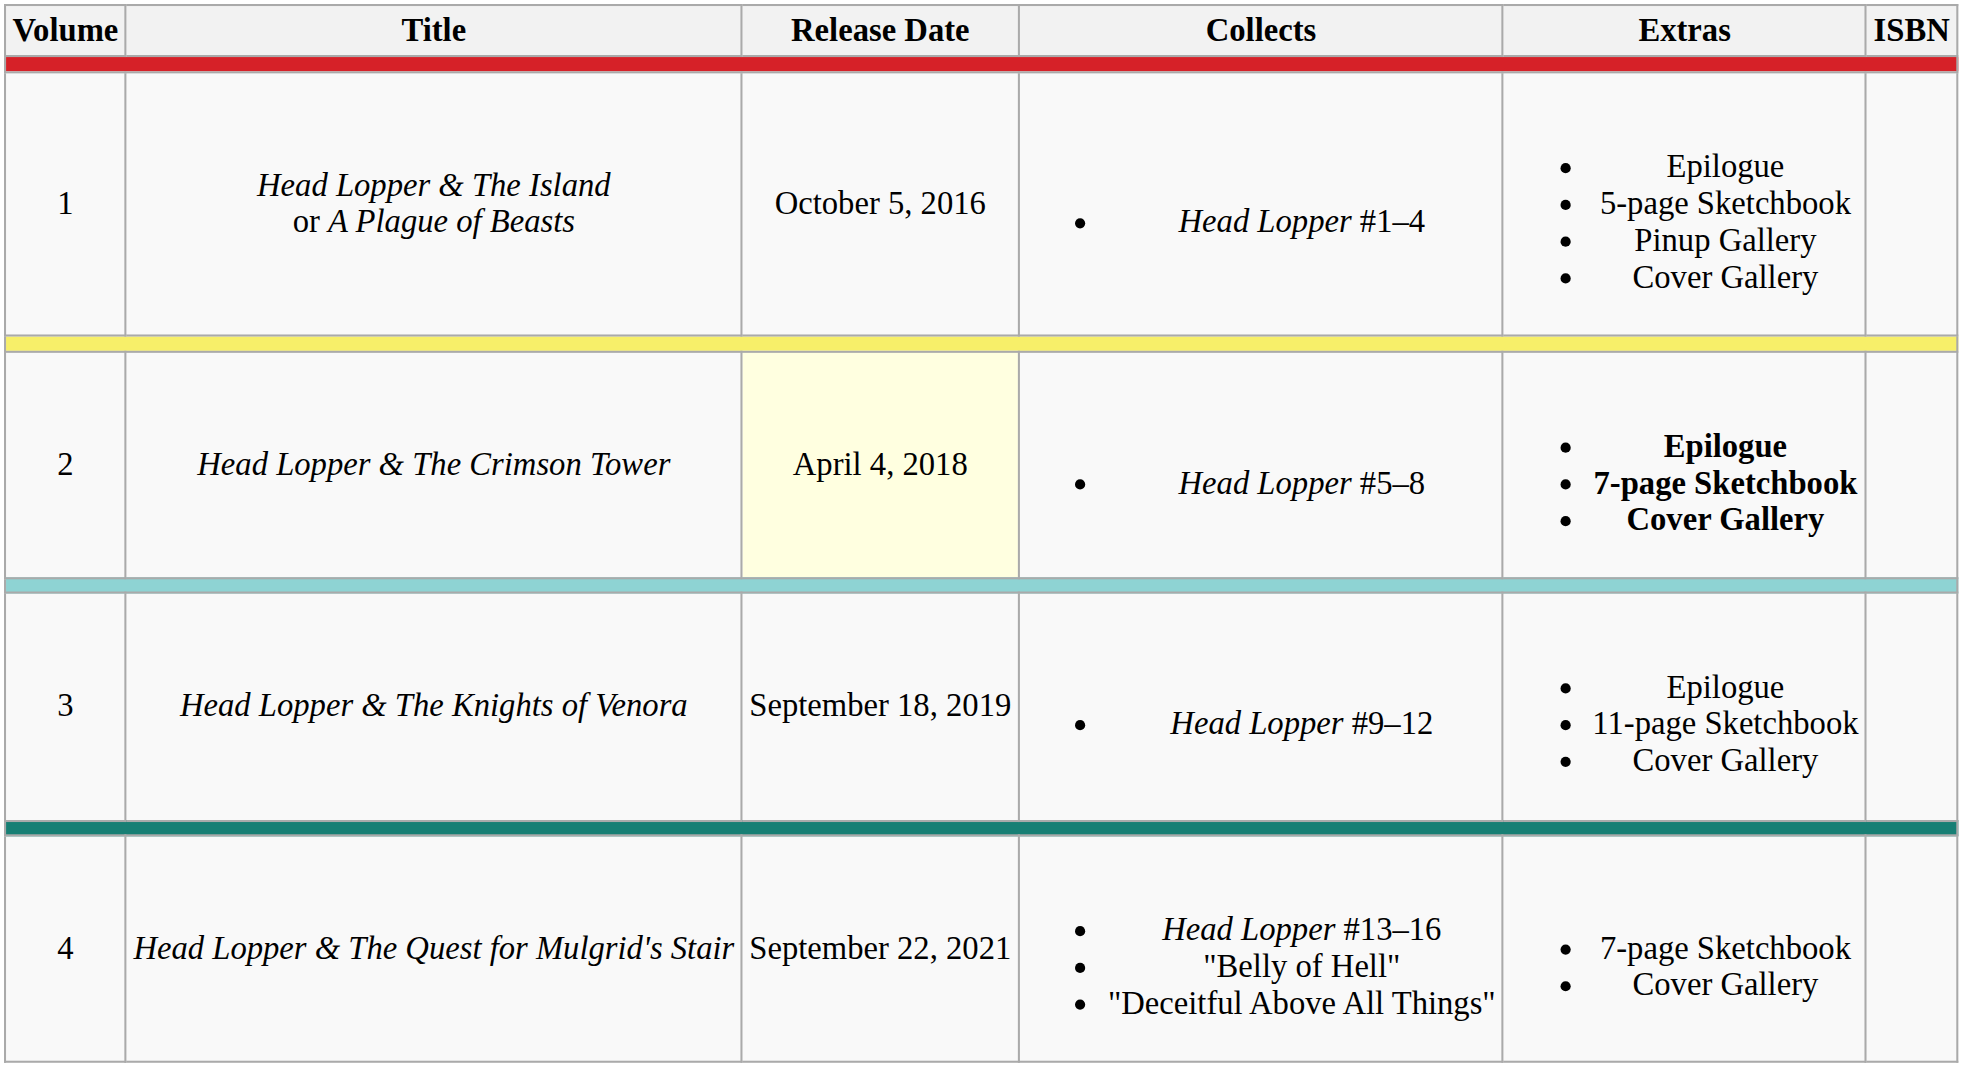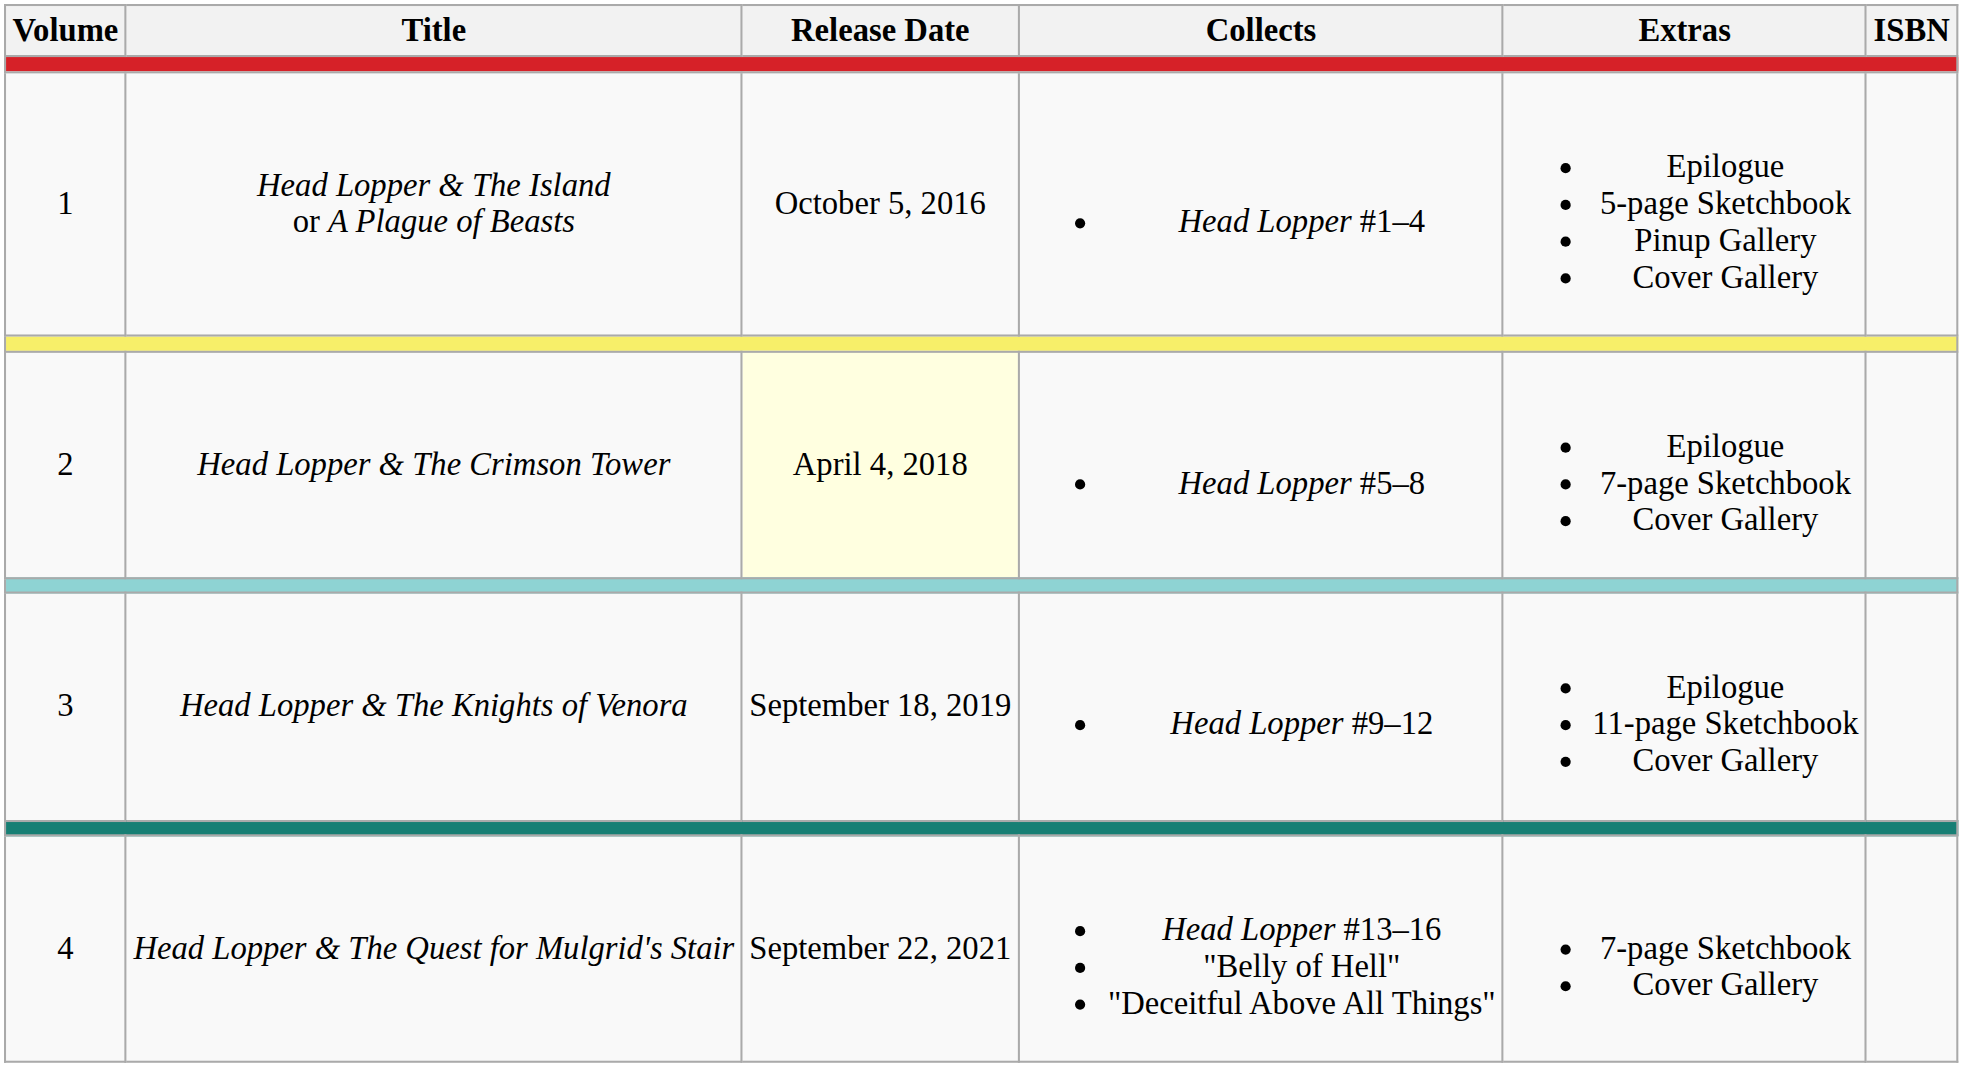 <table class="wikitable" style="text-align: center">
 <tr>
 <th>Volume</th>
 <th>Title</th>
 <th>Release Date</th>
 <th>Collects</th>
 <th>Extras</th>
 <th>ISBN</th>
 </tr>
 <tr>
 <td colspan=7 style=background:#d62128></td>
 </tr>
 <tr>
 <td>1</td>
 <td><em>Head Lopper & The Island</em><br>or <em>A Plague of Beasts</em></td>
 <td>October 5, 2016</td>
 <td><br><ul><li><em>Head Lopper</em> #1–4</li></ul></td>
 <td><br><ul><li>Epilogue</li><li>5-page Sketchbook</li><li>Pinup Gallery</li><li>Cover Gallery</li></ul></td>
 <td></td>
 </tr>
 <tr>
 <td colspan=7 style=background:#f7ef69></td>
 </tr>
 <tr>
 <td>2</td>
 <td><em>Head Lopper & The Crimson Tower</em></td>
 <td style="background: lightyellow;">April 4, 2018</td>
 <td><br><ul><li><em>Head Lopper</em> #5–8</li></ul></td>
-<td><strong><br><ul><li>Epilogue</li><li>7-page Sketchbook</li><li>Cover Gallery</li></ul></strong></td>
+<td><br><ul><li>Epilogue</li><li>7-page Sketchbook</li><li>Cover Gallery</li></ul></td>
 <td></td>
 </tr>
 <tr>
 <td colspan=7 style=background:#8ed3d3></td>
 </tr>
 <tr>
 <td>3</td>
 <td><em>Head Lopper & The Knights of Venora</em></td>
 <td>September 18, 2019</td>
 <td><br><ul><li><em>Head Lopper</em> #9–12</li></ul></td>
 <td><br><ul><li>Epilogue</li><li>11-page Sketchbook</li><li>Cover Gallery</li></ul></td>
 <td></td>
 </tr>
 <tr>
 <td colspan=7 style=background:#177f74></td>
 </tr>
 <tr>
 <td>4</td>
 <td><em>Head Lopper & The Quest for Mulgrid's Stair</em></td>
 <td>September 22, 2021</td>
 <td><br><ul><li><em>Head Lopper</em> #13–16</li><li>"Belly of Hell"</li><li>"Deceitful Above All Things"</li></ul></td>
 <td><br><ul><li>7-page Sketchbook</li><li>Cover Gallery</li></ul></td>
 <td></td>
 </tr>
 </table>
